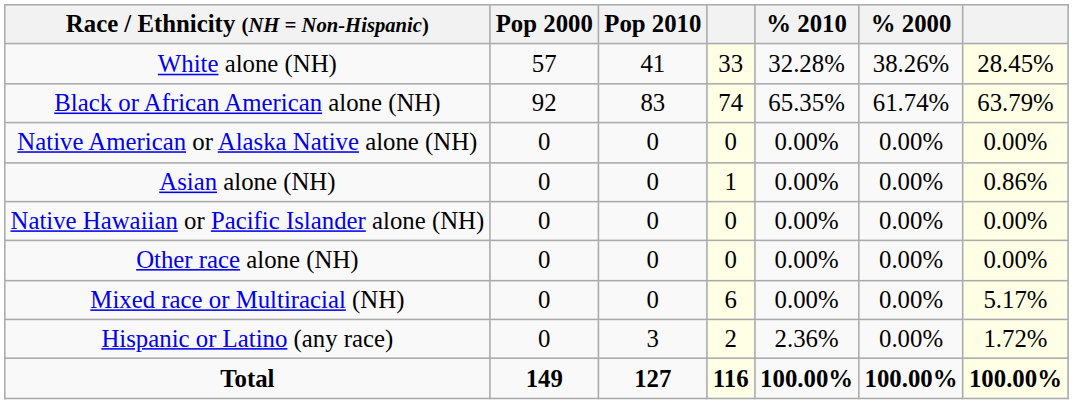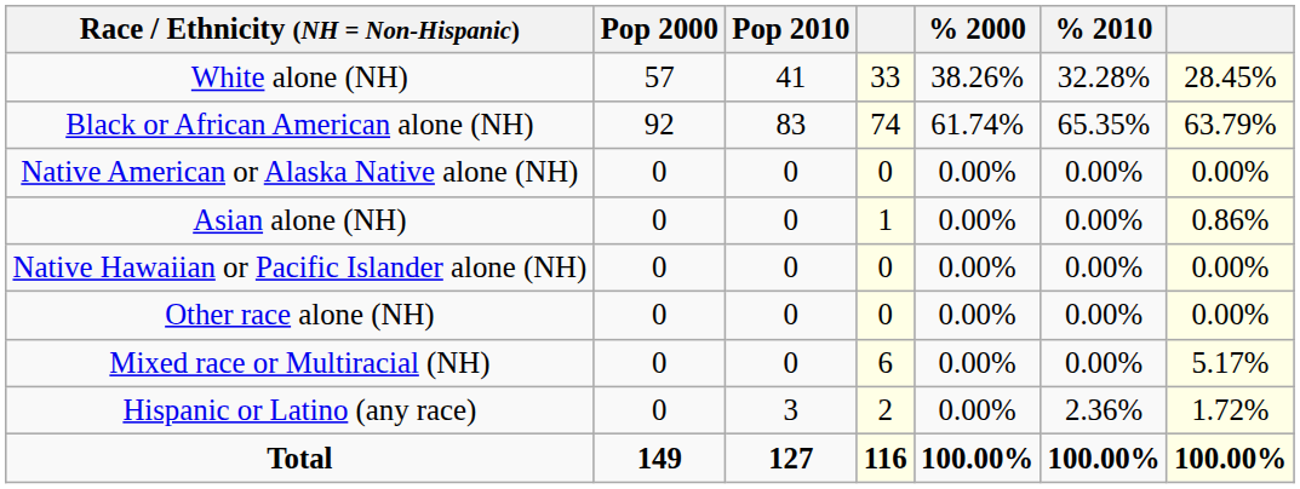 <table class="wikitable" style="text-align:center;">
 <tr>
 <th>Race / Ethnicity <small>(<em>NH = Non-Hispanic</em>)</small></th>
 <th>Pop 2000</th>
 <th>Pop 2010</th>
 <th></th>
+<th>% 2000</th>
 <th>% 2010</th>
-<th>% 2000</th>
 <th></th>
 </tr>
 <tr>
 <td><a href='#'>White</a> alone (NH)</td>
 <td>57</td>
 <td>41</td>
 <td style='background: #ffffe6;'>33</td>
+<td>38.26%</td>
 <td>32.28%</td>
-<td>38.26%</td>
 <td style='background: #ffffe6;'>28.45%</td>
 </tr>
 <tr>
 <td><a href='#'>Black or African American</a> alone (NH)</td>
 <td>92</td>
 <td>83</td>
 <td style='background: #ffffe6;'>74</td>
+<td>61.74%</td>
 <td>65.35%</td>
-<td>61.74%</td>
 <td style='background: #ffffe6;'>63.79%</td>
 </tr>
 <tr>
 <td><a href='#'>Native American</a> or <a href='#'>Alaska Native</a> alone (NH)</td>
 <td>0</td>
 <td>0</td>
 <td style='background: #ffffe6;'>0</td>
 <td>0.00%</td>
 <td>0.00%</td>
 <td style='background: #ffffe6;'>0.00%</td>
 </tr>
 <tr>
 <td><a href='#'>Asian</a> alone (NH)</td>
 <td>0</td>
 <td>0</td>
 <td style='background: #ffffe6;'>1</td>
 <td>0.00%</td>
 <td>0.00%</td>
 <td style='background: #ffffe6;'>0.86%</td>
 </tr>
 <tr>
 <td><a href='#'>Native Hawaiian</a> or <a href='#'>Pacific Islander</a> alone (NH)</td>
 <td>0</td>
 <td>0</td>
 <td style='background: #ffffe6;'>0</td>
 <td>0.00%</td>
 <td>0.00%</td>
 <td style='background: #ffffe6;'>0.00%</td>
 </tr>
 <tr>
 <td><a href='#'>Other race</a> alone (NH)</td>
 <td>0</td>
 <td>0</td>
 <td style='background: #ffffe6;'>0</td>
 <td>0.00%</td>
 <td>0.00%</td>
 <td style='background: #ffffe6;'>0.00%</td>
 </tr>
 <tr>
 <td><a href='#'>Mixed race or Multiracial</a> (NH)</td>
 <td>0</td>
 <td>0</td>
 <td style='background: #ffffe6;'>6</td>
 <td>0.00%</td>
 <td>0.00%</td>
 <td style='background: #ffffe6;'>5.17%</td>
 </tr>
 <tr>
 <td><a href='#'>Hispanic or Latino</a> (any race)</td>
 <td>0</td>
 <td>3</td>
 <td style='background: #ffffe6;'>2</td>
+<td>0.00%</td>
 <td>2.36%</td>
-<td>0.00%</td>
 <td style='background: #ffffe6;'>1.72%</td>
 </tr>
 <tr>
 <td><strong>Total</strong></td>
 <td><strong>149</strong></td>
 <td><strong>127</strong></td>
 <td style='background: #ffffe6;'><strong>116</strong></td>
 <td><strong>100.00%</strong></td>
 <td><strong>100.00%</strong></td>
 <td style='background: #ffffe6;'><strong>100.00%</strong></td>
 </tr>
 </table>
